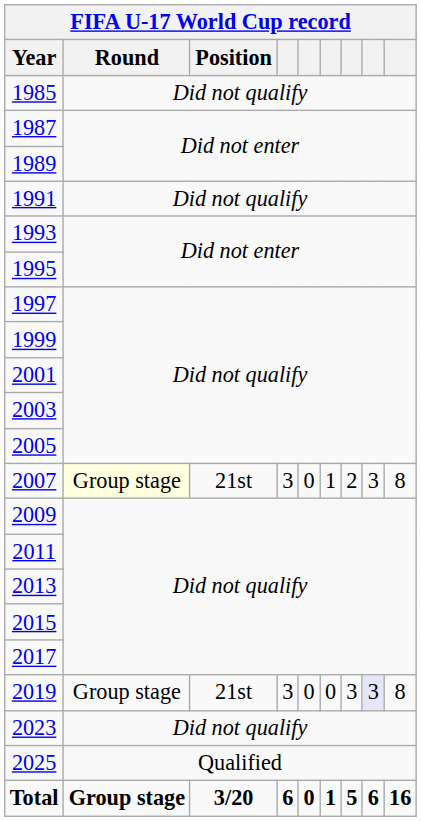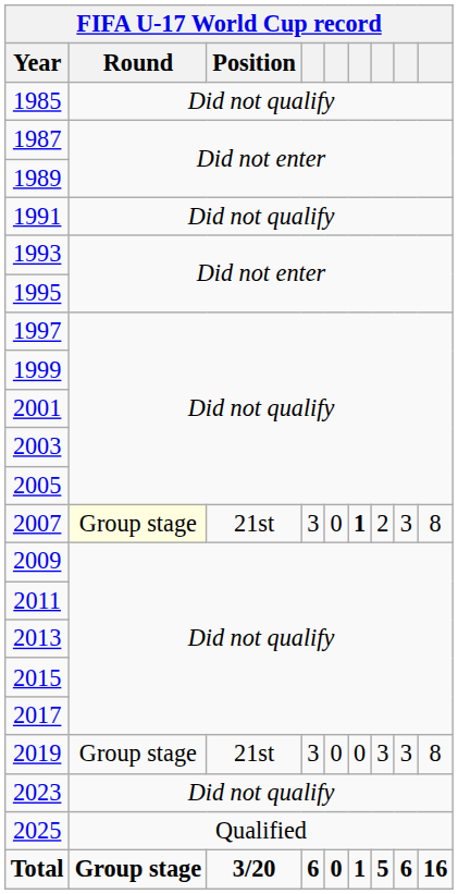 <table class="wikitable" style="text-align: center;">
 <tr>
 <th colspan=9><a href='#'>FIFA U-17 World Cup record</a></th>
 </tr>
 <tr>
 <th>Year</th>
 <th>Round</th>
 <th>Position</th>
 <th></th>
 <th></th>
 <th></th>
 <th></th>
 <th></th>
 <th></th>
 </tr>
 <tr>
 <td> <a href='#'>1985</a></td>
 <td colspan=8><em>Did not qualify</em></td>
 </tr>
 <tr>
 <td> <a href='#'>1987</a></td>
 <td rowspan=2 colspan=8><em>Did not enter</em></td>
 </tr>
 <tr>
 <td> <a href='#'>1989</a></td>
 </tr>
 <tr>
 <td> <a href='#'>1991</a></td>
 <td colspan=8><em>Did not qualify</em></td>
 </tr>
 <tr>
 <td> <a href='#'>1993</a></td>
 <td rowspan=2 colspan=8><em>Did not enter</em></td>
 </tr>
 <tr>
 <td> <a href='#'>1995</a></td>
 </tr>
 <tr>
 <td> <a href='#'>1997</a></td>
 <td rowspan=5 colspan=8><em>Did not qualify</em></td>
 </tr>
 <tr>
 <td> <a href='#'>1999</a></td>
 </tr>
 <tr>
 <td> <a href='#'>2001</a></td>
 </tr>
 <tr>
 <td> <a href='#'>2003</a></td>
 </tr>
 <tr>
 <td> <a href='#'>2005</a></td>
 </tr>
 <tr>
 <td> <a href='#'>2007</a></td>
 <td style="background: lightyellow;">Group stage</td>
 <td>21st</td>
 <td>3</td>
 <td>0</td>
-<td>1</td>
+<td><strong>1</strong></td>
 <td>2</td>
 <td>3</td>
 <td>8</td>
 </tr>
 <tr>
 <td> <a href='#'>2009</a></td>
 <td rowspan=5 colspan=8><em>Did not qualify</em></td>
 </tr>
 <tr>
 <td> <a href='#'>2011</a></td>
 </tr>
 <tr>
 <td> <a href='#'>2013</a></td>
 </tr>
 <tr>
 <td> <a href='#'>2015</a></td>
 </tr>
 <tr>
 <td> <a href='#'>2017</a></td>
 </tr>
 <tr>
 <td> <a href='#'>2019</a></td>
 <td>Group stage</td>
 <td>21st</td>
 <td>3</td>
 <td>0</td>
 <td>0</td>
 <td>3</td>
-<td style="background: lavender;">3</td>
+<td>3</td>
 <td>8</td>
 </tr>
 <tr>
 <td> <a href='#'>2023</a></td>
 <td rowspan=1 colspan=8><em>Did not qualify</em></td>
 </tr>
 <tr>
 <td> <a href='#'>2025</a></td>
 <td rowspan=1 colspan=8>Qualified</td>
 </tr>
 <tr>
 <td><strong>Total</strong></td>
 <td><strong>Group stage</strong></td>
 <td><strong>3/20</strong></td>
 <td><strong>6</strong></td>
 <td><strong>0</strong></td>
 <td><strong>1</strong></td>
 <td><strong>5</strong></td>
 <td><strong>6</strong></td>
 <td><strong>16</strong></td>
 </tr>
 <tr>
 </tr>
 </table>
